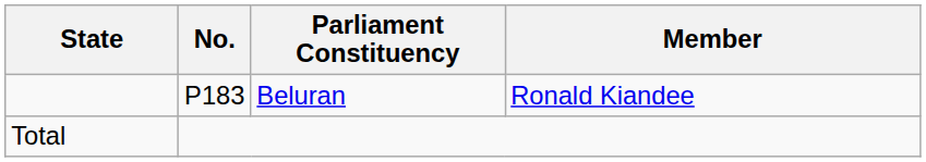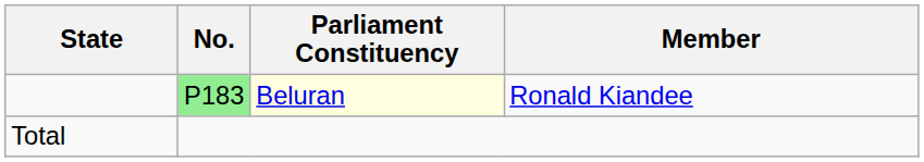 <table class ="wikitable sortable">
 <tr>
 <th style="width:100px;">State</th>
 <th style="width:30px;">No.</th>
 <th style="width:150px;">Parliament Constituency</th>
 <th style="width:250px;">Member</th>
 </tr>
 <tr>
 <td></td>
-<td>P183</td>
-<td><a href='#'>Beluran</a></td>
+<td style="background: lightgreen;">P183</td>
+<td style="background: lightyellow;"><a href='#'>Beluran</a></td>
 <td><a href='#'>Ronald Kiandee</a></td>
 </tr>
 <tr>
 <td>Total</td>
 <td colspan="5" style="width:30px;"></td>
 </tr>
 </table>
